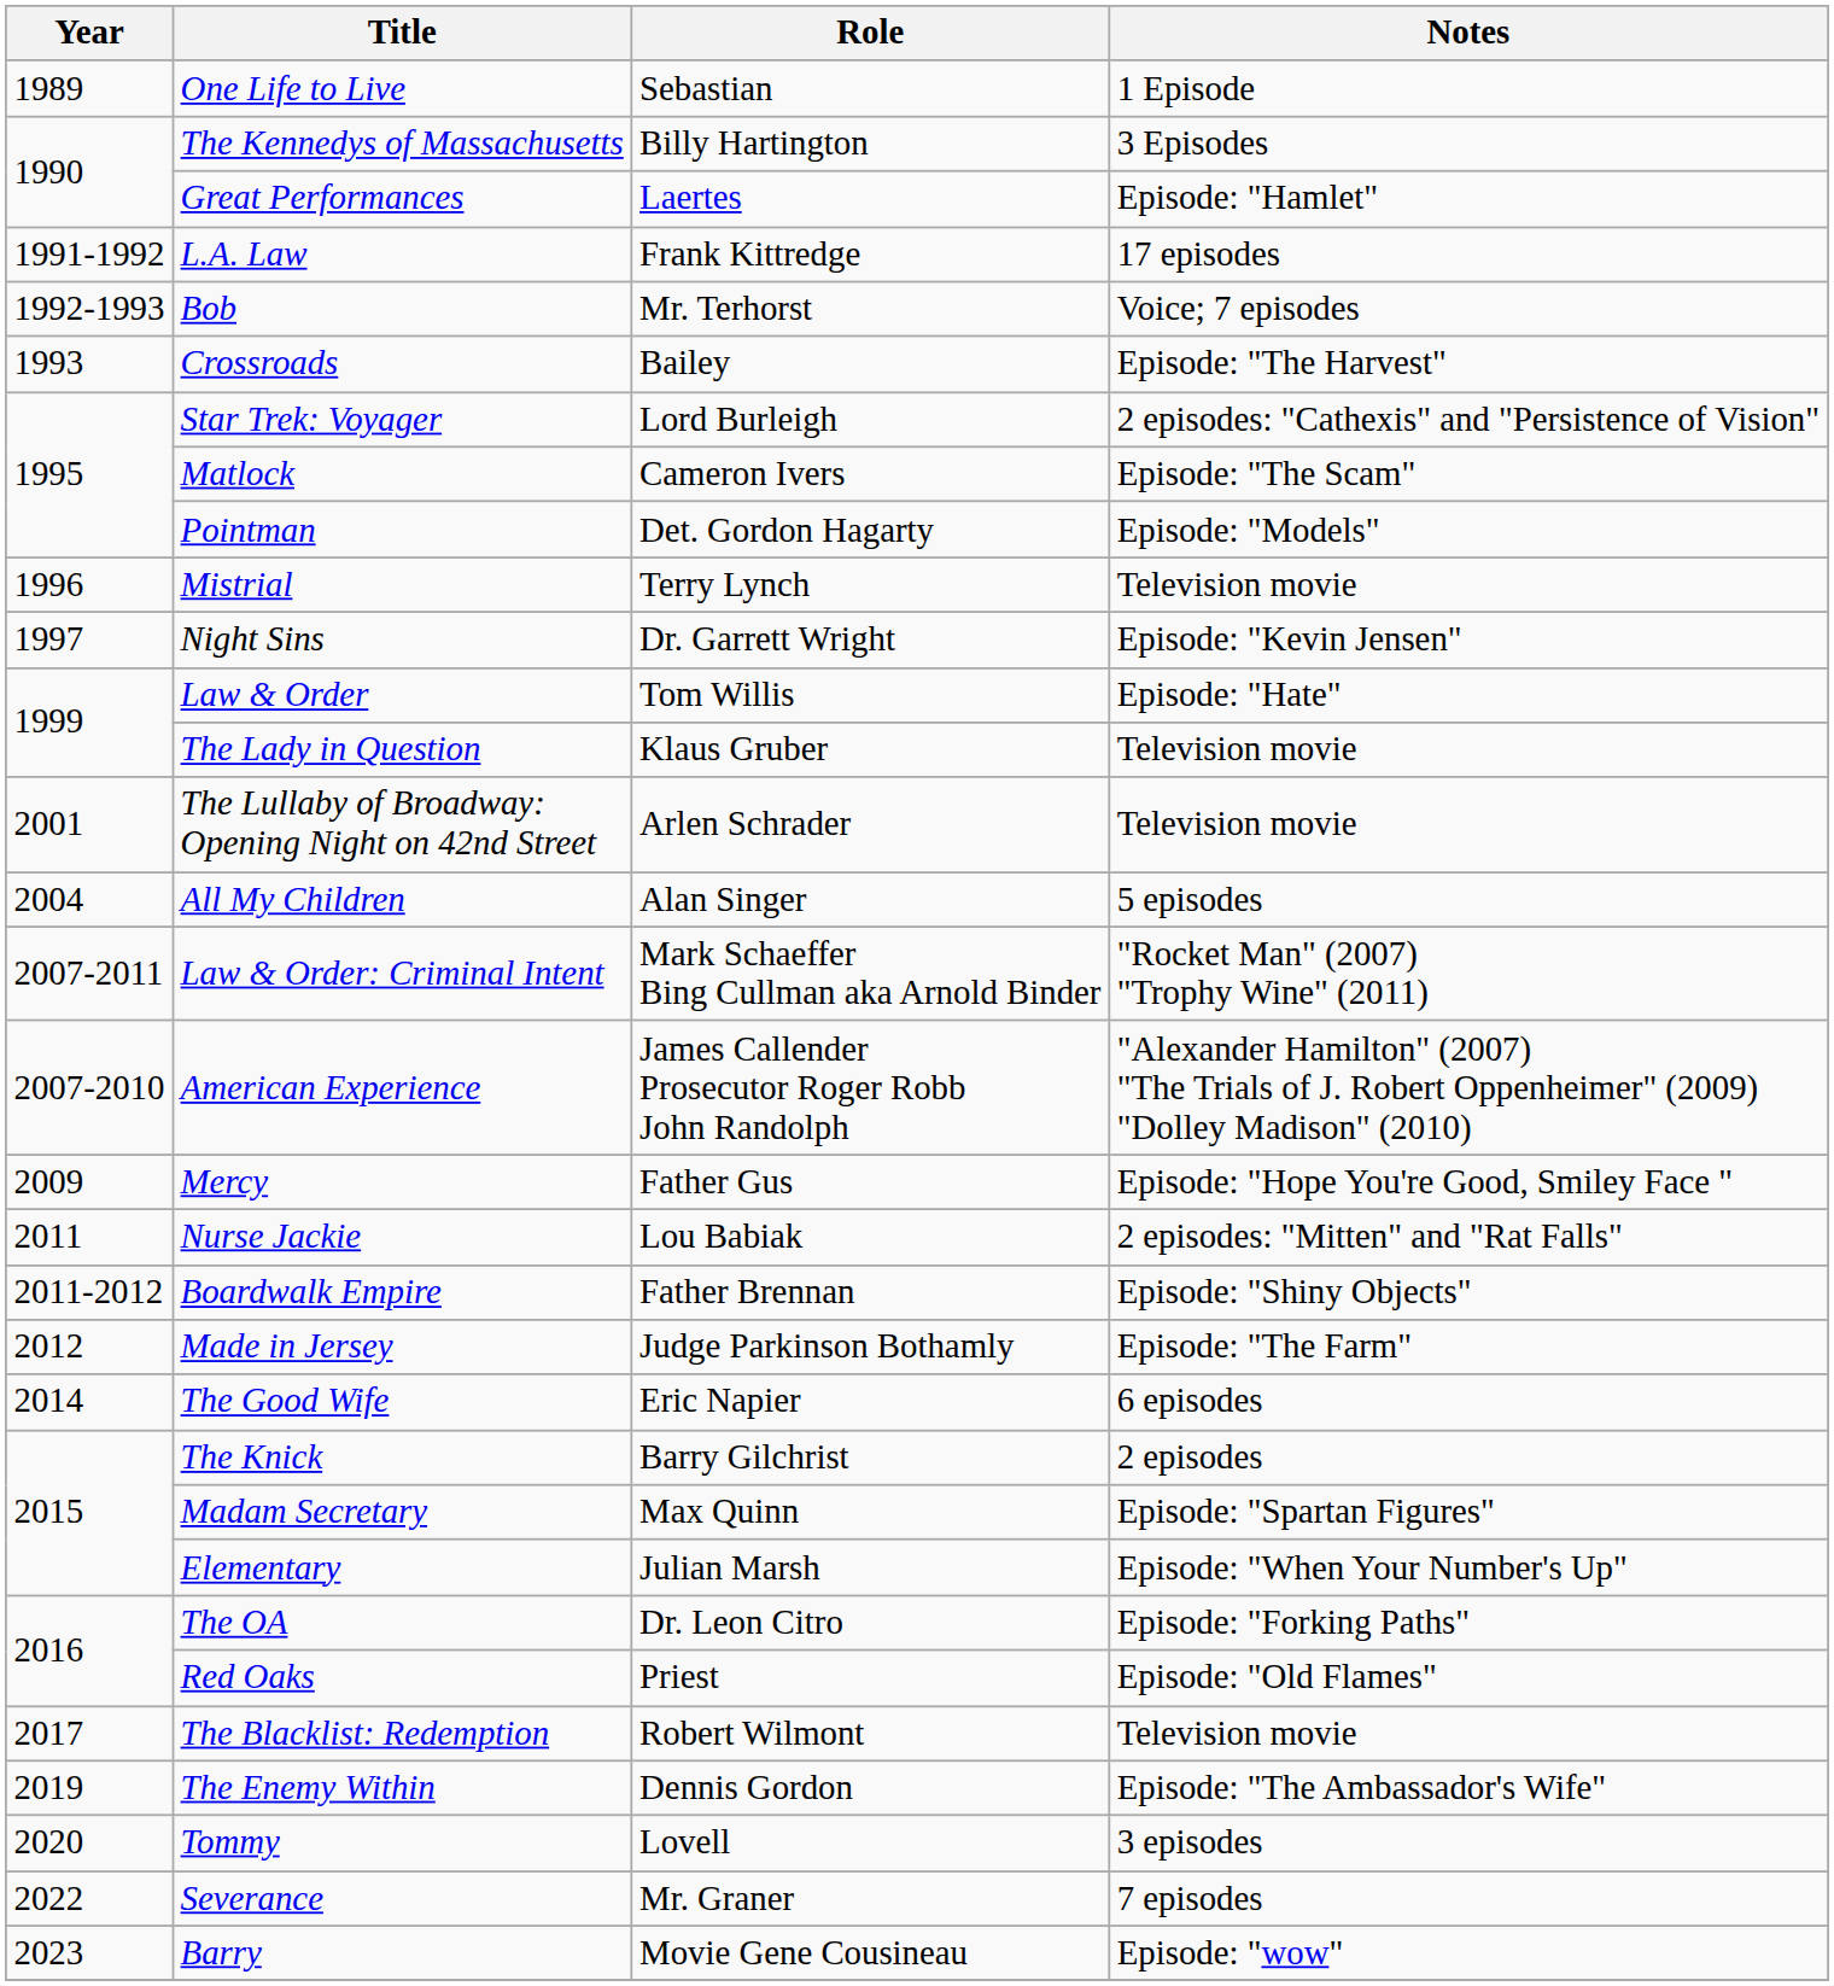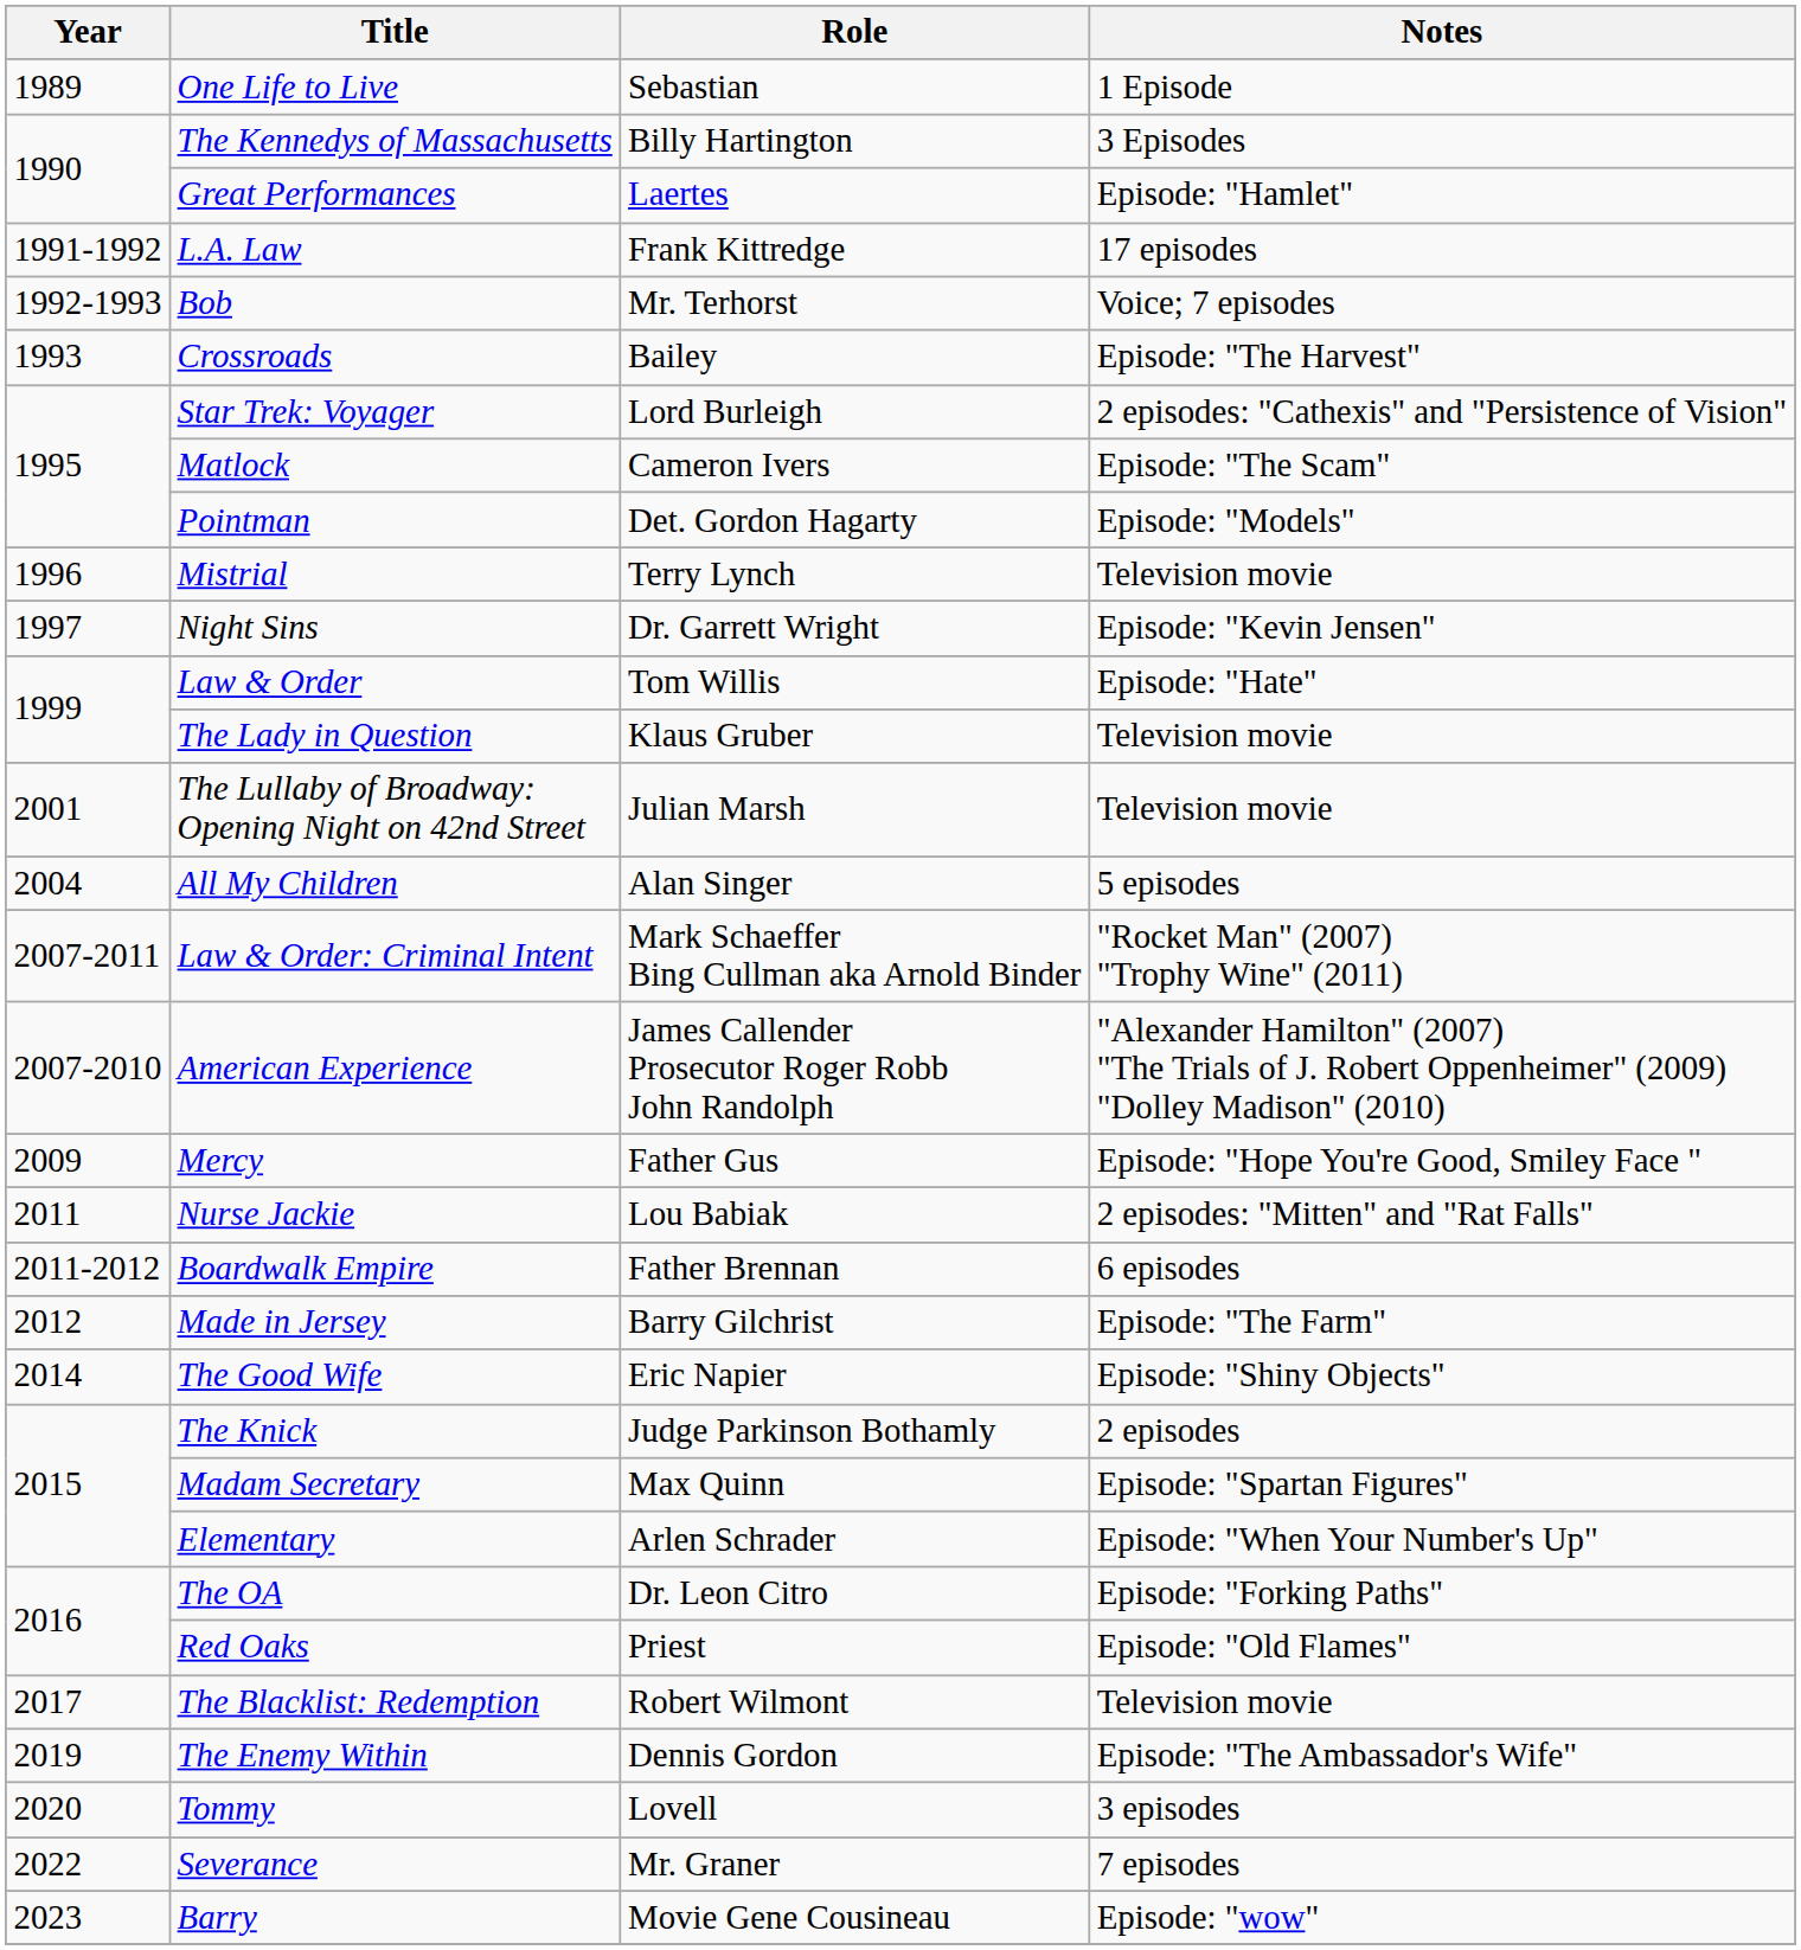 <table class="wikitable sortable">
 <tr>
 <th>Year</th>
 <th>Title</th>
 <th>Role</th>
 <th>Notes</th>
 </tr>
 <tr>
 <td>1989</td>
 <td><em><a href='#'>One Life to Live</a></em></td>
 <td>Sebastian</td>
 <td>1 Episode</td>
 </tr>
 <tr>
 <td rowspan="2">1990</td>
 <td><em><a href='#'>The Kennedys of Massachusetts</a></em></td>
 <td>Billy Hartington</td>
 <td>3 Episodes</td>
 </tr>
 <tr>
 <td><em><a href='#'>Great Performances</a></em></td>
 <td><a href='#'>Laertes</a></td>
 <td>Episode: "Hamlet"</td>
 </tr>
 <tr>
 <td>1991-1992</td>
 <td><em><a href='#'>L.A. Law</a></em></td>
 <td>Frank Kittredge</td>
 <td>17 episodes</td>
 </tr>
 <tr>
 <td>1992-1993</td>
 <td><em><a href='#'>Bob</a></em></td>
 <td>Mr. Terhorst</td>
 <td>Voice; 7 episodes</td>
 </tr>
 <tr>
 <td>1993</td>
 <td><em><a href='#'>Crossroads</a></em></td>
 <td>Bailey</td>
 <td>Episode: "The Harvest"</td>
 </tr>
 <tr>
 <td rowspan="3">1995</td>
 <td><em><a href='#'>Star Trek: Voyager</a></em></td>
 <td>Lord Burleigh</td>
 <td>2 episodes: "Cathexis" and "Persistence of Vision"</td>
 </tr>
 <tr>
 <td><em><a href='#'>Matlock</a></em></td>
 <td>Cameron Ivers</td>
 <td>Episode: "The Scam"</td>
 </tr>
 <tr>
 <td><em><a href='#'>Pointman</a></em></td>
 <td>Det. Gordon Hagarty</td>
 <td>Episode: "Models"</td>
 </tr>
 <tr>
 <td>1996</td>
 <td><em><a href='#'>Mistrial</a></em></td>
 <td>Terry Lynch</td>
 <td>Television movie</td>
 </tr>
 <tr>
 <td>1997</td>
 <td><em>Night Sins</em></td>
 <td>Dr. Garrett Wright</td>
 <td>Episode: "Kevin Jensen"</td>
 </tr>
 <tr>
 <td rowspan="2">1999</td>
 <td><em><a href='#'>Law & Order</a></em></td>
 <td>Tom Willis</td>
 <td>Episode: "Hate"</td>
 </tr>
 <tr>
 <td><em><a href='#'>The Lady in Question</a></em></td>
 <td>Klaus Gruber</td>
 <td>Television movie</td>
 </tr>
 <tr>
 <td>2001</td>
 <td><em>The Lullaby of Broadway: <br> Opening Night on 42nd Street</em></td>
-<td>Arlen Schrader</td>
+<td>Julian Marsh</td>
 <td>Television movie</td>
 </tr>
 <tr>
 <td>2004</td>
 <td><em><a href='#'>All My Children</a></em></td>
 <td>Alan Singer</td>
 <td>5 episodes</td>
 </tr>
 <tr>
 <td>2007-2011</td>
 <td><em><a href='#'>Law & Order: Criminal Intent</a></em></td>
 <td>Mark Schaeffer <br> Bing Cullman aka Arnold Binder</td>
 <td>"Rocket Man" (2007) <br> "Trophy Wine" (2011)</td>
 </tr>
 <tr>
 <td>2007-2010</td>
 <td><em><a href='#'>American Experience</a></em></td>
 <td>James Callender <br> Prosecutor Roger Robb <br> John Randolph</td>
 <td>"Alexander Hamilton" (2007) <br> "The Trials of J. Robert Oppenheimer" (2009) <br> "Dolley Madison" (2010)</td>
 </tr>
 <tr>
 <td>2009</td>
 <td><em><a href='#'>Mercy</a></em></td>
 <td>Father Gus</td>
 <td>Episode: "Hope You're Good, Smiley Face "</td>
 </tr>
 <tr>
 <td>2011</td>
 <td><em><a href='#'>Nurse Jackie</a></em></td>
 <td>Lou Babiak</td>
 <td>2 episodes: "Mitten" and "Rat Falls"</td>
 </tr>
 <tr>
 <td>2011-2012</td>
 <td><em><a href='#'>Boardwalk Empire</a></em></td>
 <td>Father Brennan</td>
-<td>Episode: "Shiny Objects"</td>
+<td>6 episodes</td>
 </tr>
 <tr>
 <td>2012</td>
 <td><em><a href='#'>Made in Jersey</a></em></td>
-<td>Judge Parkinson Bothamly</td>
+<td>Barry Gilchrist</td>
 <td>Episode: "The Farm"</td>
 </tr>
 <tr>
 <td>2014</td>
 <td><em><a href='#'>The Good Wife</a></em></td>
 <td>Eric Napier</td>
-<td>6 episodes</td>
+<td>Episode: "Shiny Objects"</td>
 </tr>
 <tr>
 <td rowspan="3">2015</td>
 <td><em><a href='#'>The Knick</a></em></td>
-<td>Barry Gilchrist</td>
+<td>Judge Parkinson Bothamly</td>
 <td>2 episodes</td>
 </tr>
 <tr>
 <td><em><a href='#'>Madam Secretary</a></em></td>
 <td>Max Quinn</td>
 <td>Episode: "Spartan Figures"</td>
 </tr>
 <tr>
 <td><em><a href='#'>Elementary</a></em></td>
-<td>Julian Marsh</td>
+<td>Arlen Schrader</td>
 <td>Episode: "When Your Number's Up"</td>
 </tr>
 <tr>
 <td rowspan="2">2016</td>
 <td><em><a href='#'>The OA</a></em></td>
 <td>Dr. Leon Citro</td>
 <td>Episode: "Forking Paths"</td>
 </tr>
 <tr>
 <td><em><a href='#'>Red Oaks</a></em></td>
 <td>Priest</td>
 <td>Episode: "Old Flames"</td>
 </tr>
 <tr>
 <td>2017</td>
 <td><em><a href='#'>The Blacklist: Redemption</a></em></td>
 <td>Robert Wilmont</td>
 <td>Television movie</td>
 </tr>
 <tr>
 <td>2019</td>
 <td><em><a href='#'>The Enemy Within</a></em></td>
 <td>Dennis Gordon</td>
 <td>Episode: "The Ambassador's Wife"</td>
 </tr>
 <tr>
 <td>2020</td>
 <td><em><a href='#'>Tommy</a></em></td>
 <td>Lovell</td>
 <td>3 episodes</td>
 </tr>
 <tr>
 <td>2022</td>
 <td><em><a href='#'>Severance</a></em></td>
 <td>Mr. Graner</td>
 <td>7 episodes</td>
 </tr>
 <tr>
 <td>2023</td>
 <td><em><a href='#'>Barry</a></em></td>
 <td>Movie Gene Cousineau</td>
 <td>Episode: "<a href='#'>wow</a>"</td>
 </tr>
 <tr>
 </tr>
 </table>
